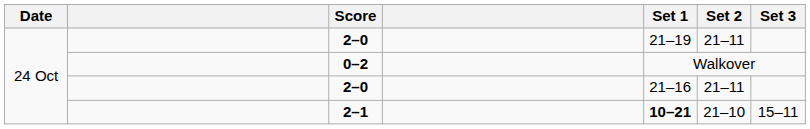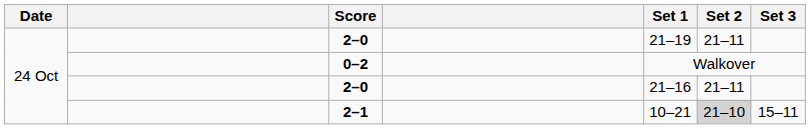 <table class="wikitable" style="text-align: center;">
 <tr>
 <th width="60">Date</th>
 <th align="right" width="270"></th>
 <th width="50">Score</th>
 <th align="left" width="270"></th>
 <th width="50">Set 1</th>
 <th width="50">Set 2</th>
 <th width="50">Set 3</th>
 </tr>
 <tr>
 <td rowspan=4>24 Oct</td>
 <td align=left><strong></strong></td>
 <td align=center><strong>2–0</strong></td>
 <td align=left></td>
 <td>21–19</td>
 <td>21–11</td>
 <td></td>
 </tr>
 <tr>
 <td align=left></td>
 <td align=center><strong>0–2</strong></td>
 <td align=left><strong></strong></td>
 <td colspan=3>Walkover</td>
 </tr>
 <tr>
 <td align=left><strong></strong></td>
 <td align=center><strong>2–0</strong></td>
 <td align=left></td>
 <td>21–16</td>
 <td>21–11</td>
 <td></td>
 </tr>
 <tr>
 <td align=left><strong></strong></td>
 <td align=center><strong>2–1</strong></td>
 <td align=left></td>
-<td><strong>10–21</strong></td>
-<td>21–10</td>
+<td>10–21</td>
+<td style="background: lightgrey;">21–10</td>
 <td>15–11</td>
 </tr>
 </table>
